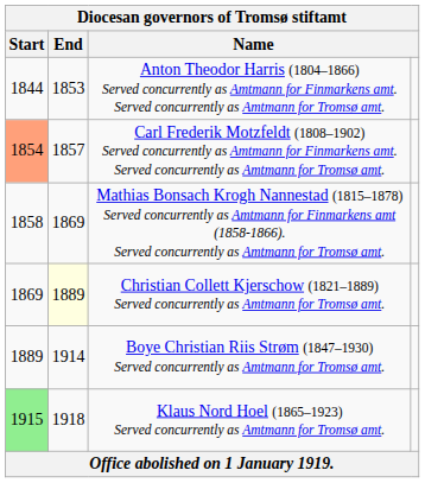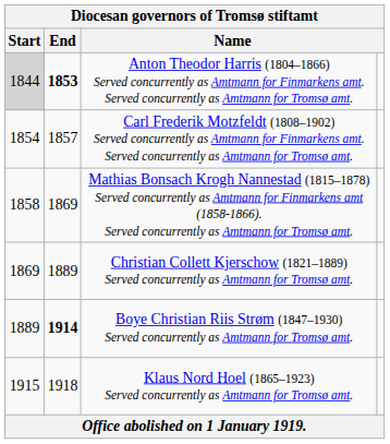 <table class="wikitable" style="text-align:center; width:65%;">
 <tr>
 <th colspan=4>Diocesan governors of Tromsø stiftamt</th>
 </tr>
 <tr>
 <th>Start</th>
 <th>End</th>
 <th colspan="2">Name</th>
 </tr>
 <tr>
-<td>1844</td>
-<td>1853</td>
+<td style="background: lightgrey;">1844</td>
+<td><strong>1853</strong></td>
 <td><a href='#'>Anton Theodor Harris</a> <small>(1804–1866)</small><br><small><em>Served concurrently as <a href='#'>Amtmann for Finmarkens amt</a>.</em></small><br><small><em>Served concurrently as <a href='#'>Amtmann for Tromsø amt</a>.</em></small></td>
 <td><br><br><br></td>
 </tr>
 <tr>
-<td style="background: lightsalmon;">1854</td>
+<td>1854</td>
 <td>1857</td>
 <td><a href='#'>Carl Frederik Motzfeldt</a> <small>(1808–1902)</small><br><small><em>Served concurrently as <a href='#'>Amtmann for Finmarkens amt</a>.</em></small><br><small><em>Served concurrently as <a href='#'>Amtmann for Tromsø amt</a>.</em></small></td>
 <td></td>
 </tr>
 <tr>
 <td>1858</td>
 <td>1869</td>
 <td><a href='#'>Mathias Bonsach Krogh Nannestad</a> <small>(1815–1878)</small><br><small><em>Served concurrently as <a href='#'>Amtmann for Finmarkens amt</a> (1858-1866).</em></small><br><small><em>Served concurrently as <a href='#'>Amtmann for Tromsø amt</a>.</em></small></td>
 <td><br><br><br></td>
 </tr>
 <tr>
 <td>1869</td>
-<td style="background: lightyellow;">1889</td>
+<td>1889</td>
 <td><a href='#'>Christian Collett Kjerschow</a> <small>(1821–1889)</small><br><small><em>Served concurrently as <a href='#'>Amtmann for Tromsø amt</a>.</em></small></td>
 <td><br><br><br></td>
 </tr>
 <tr>
 <td>1889</td>
-<td>1914</td>
+<td><strong>1914</strong></td>
 <td><a href='#'>Boye Christian Riis Strøm</a> <small>(1847–1930)</small><br><small><em>Served concurrently as <a href='#'>Amtmann for Tromsø amt</a>.</em></small></td>
 <td><br><br><br></td>
 </tr>
 <tr>
-<td style="background: lightgreen;">1915</td>
+<td>1915</td>
 <td>1918</td>
 <td><a href='#'>Klaus Nord Hoel</a> <small>(1865–1923)</small><br><small><em>Served concurrently as <a href='#'>Amtmann for Tromsø amt</a>.</em></small></td>
 <td><br><br><br></td>
 </tr>
 <tr>
 <th colspan=4><em>Office abolished on 1 January 1919.</em></th>
 </tr>
 </table>
